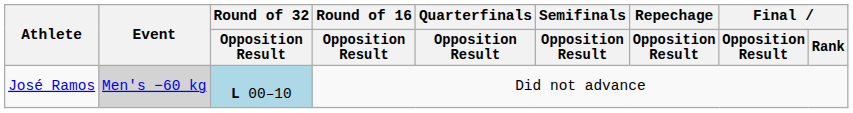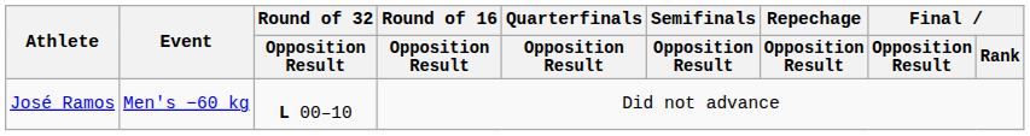 <table class="wikitable" style="font-size:90%">
 <tr>
 <th rowspan="2">Athlete</th>
 <th rowspan="2">Event</th>
 <th>Round of 32</th>
 <th>Round of 16</th>
 <th>Quarterfinals</th>
 <th>Semifinals</th>
 <th>Repechage</th>
 <th colspan=2>Final / </th>
 </tr>
 <tr style="font-size:95%">
 <th>Opposition<br>Result</th>
 <th>Opposition<br>Result</th>
 <th>Opposition<br>Result</th>
 <th>Opposition<br>Result</th>
 <th>Opposition<br>Result</th>
 <th>Opposition<br>Result</th>
 <th>Rank</th>
 </tr>
 <tr align=center>
 <td align=left><a href='#'>José Ramos</a></td>
-<td align=left style="background: lightgrey;"><a href='#'>Men's −60 kg</a></td>
-<td style="background: lightblue;"><br><strong>L</strong> 00–10</td>
+<td align=left><a href='#'>Men's −60 kg</a></td>
+<td><br><strong>L</strong> 00–10</td>
 <td colspan="6">Did not advance</td>
 </tr>
 </table>
